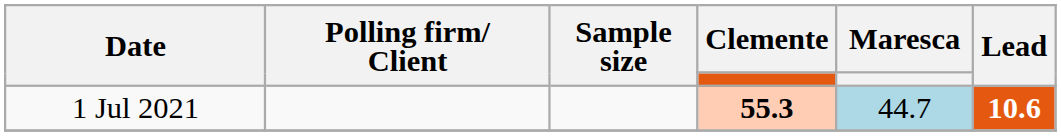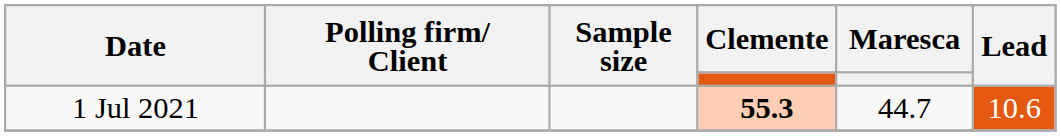 <table class=wikitable style="text-align:center;font-size:85%;line-height:13px">
 <tr style="height:30px; background-color:#E9E9E9">
 <th style="width:110px;" rowspan="2">Date</th>
 <th style="width:120px;" rowspan="2">Polling firm/<br>Client</th>
 <th style="width:60px;" rowspan="2">Sample size</th>
 <th style="width:55px;">Clemente</th>
 <th style="width:55px;">Maresca</th>
 <th style="width:30px;" rowspan="2">Lead</th>
 </tr>
 <tr>
 <th style="background:#E4590F;”"></th>
 <th style="background:"></th>
 </tr>
 <tr>
 <td>1 Jul 2021</td>
 <td></td>
 <td></td>
 <td style="background:#ffcdb3"><strong>55.3</strong></td>
-<td style="background: lightblue;">44.7</td>
-<td style="background:#E4590F; color:white;"><strong>10.6</strong></td>
+<td>44.7</td>
+<td style="background:#E4590F; color:white;">10.6</td>
 </tr>
 <tr>
 </tr>
 </table>
